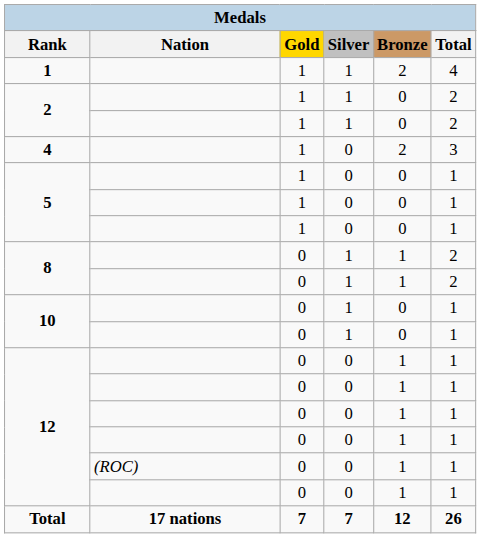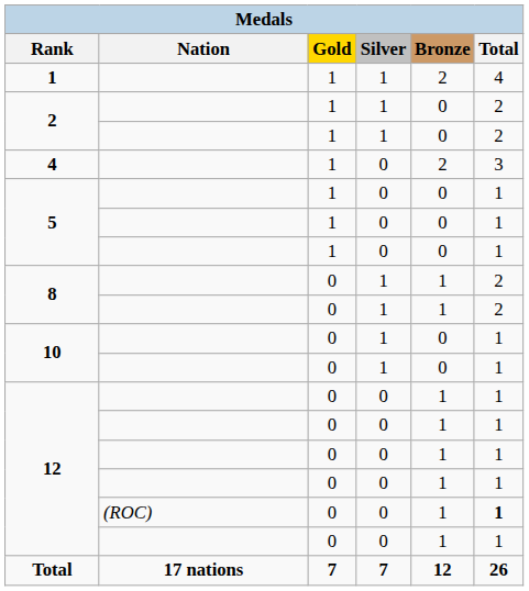 <table class=wikitable style=text-align:center>
 <tr>
 <td colspan=6 style="background:#BCD4E6"><strong>Medals</strong></td>
 </tr>
 <tr>
 </tr>
 <tr style="background-color:#EDEDED;">
 <th width=75px class="hintergrundfarbe5">Rank</th>
 <th width=175px class="hintergrundfarbe6">Nation</th>
 <th width=35px style="background:gold">Gold</th>
 <th width=35px style="background:silver">Silver</th>
 <th width=35px style="background:#CC9966">Bronze</th>
 <th width=35px>Total</th>
 </tr>
 <tr>
 <td><strong>1</strong></td>
 <td style="text-align:left"></td>
 <td>1</td>
 <td>1</td>
 <td>2</td>
 <td>4</td>
 </tr>
 <tr>
 <td rowspan="2"><strong>2</strong></td>
 <td style="text-align:left"></td>
 <td>1</td>
 <td>1</td>
 <td>0</td>
 <td>2</td>
 </tr>
 <tr>
 <td style="text-align:left"></td>
 <td>1</td>
 <td>1</td>
 <td>0</td>
 <td>2</td>
 </tr>
 <tr>
 <td><strong>4</strong></td>
 <td style="text-align:left"></td>
 <td>1</td>
 <td>0</td>
 <td>2</td>
 <td>3</td>
 </tr>
 <tr>
 <td rowspan="3"><strong>5</strong></td>
 <td style="text-align:left"></td>
 <td>1</td>
 <td>0</td>
 <td>0</td>
 <td>1</td>
 </tr>
 <tr>
 <td style="text-align:left"></td>
 <td>1</td>
 <td>0</td>
 <td>0</td>
 <td>1</td>
 </tr>
 <tr>
 <td style="text-align:left"></td>
 <td>1</td>
 <td>0</td>
 <td>0</td>
 <td>1</td>
 </tr>
 <tr>
 <td rowspan="2"><strong>8</strong></td>
 <td style="text-align:left"></td>
 <td>0</td>
 <td>1</td>
 <td>1</td>
 <td>2</td>
 </tr>
 <tr>
 <td style="text-align:left"></td>
 <td>0</td>
 <td>1</td>
 <td>1</td>
 <td>2</td>
 </tr>
 <tr>
 <td rowspan="2"><strong>10</strong></td>
 <td style="text-align:left"></td>
 <td>0</td>
 <td>1</td>
 <td>0</td>
 <td>1</td>
 </tr>
 <tr>
 <td style="text-align:left"></td>
 <td>0</td>
 <td>1</td>
 <td>0</td>
 <td>1</td>
 </tr>
 <tr>
 <td rowspan="6"><strong>12</strong></td>
 <td style="text-align:left"></td>
 <td>0</td>
 <td>0</td>
 <td>1</td>
 <td>1</td>
 </tr>
 <tr>
 <td style="text-align:left"></td>
 <td>0</td>
 <td>0</td>
 <td>1</td>
 <td>1</td>
 </tr>
 <tr>
 <td style="text-align:left"></td>
 <td>0</td>
 <td>0</td>
 <td>1</td>
 <td>1</td>
 </tr>
 <tr>
 <td style="text-align:left"></td>
 <td>0</td>
 <td>0</td>
 <td>1</td>
 <td>1</td>
 </tr>
 <tr>
 <td style="text-align:left"><em> (ROC)</em></td>
 <td>0</td>
 <td>0</td>
 <td>1</td>
-<td>1</td>
+<td><strong>1</strong></td>
 </tr>
 <tr>
 <td style="text-align:left"></td>
 <td>0</td>
 <td>0</td>
 <td>1</td>
 <td>1</td>
 </tr>
 <tr>
 <td><strong>Total</strong></td>
 <td><strong>17 nations</strong></td>
 <td><strong>7</strong></td>
 <td><strong>7</strong></td>
 <td><strong>12</strong></td>
 <td><strong>26</strong></td>
 </tr>
 </table>
